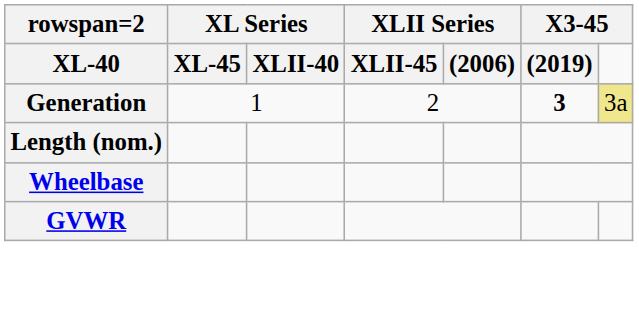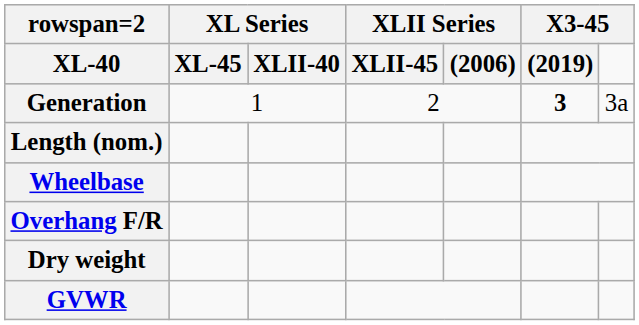 <table class="wikitable" style="font-size:100%;text-align:center;">
 <tr>
 <th>rowspan=2 </th>
 <th colspan=2>XL Series</th>
 <th colspan=2>XLII Series</th>
 <th colspan=2>X3-45</th>
 </tr>
 <tr>
 <th>XL-40</th>
 <th>XL-45</th>
 <th>XLII-40</th>
 <th>XLII-45</th>
 <th>(2006)</th>
 <th>(2019)</th>
 </tr>
 <tr>
 <th>Generation</th>
 <td colspan=2>1</td>
 <td colspan=2>2</td>
 <td><strong>3</strong></td>
-<td style="background: khaki;">3a</td>
+<td>3a</td>
 </tr>
 <tr>
 <th>Length (nom.)</th>
 <td></td>
 <td></td>
 <td></td>
 <td></td>
 <td colspan=2></td>
 </tr>
 <tr>
 <th><a href='#'>Wheelbase</a></th>
 <td></td>
 <td></td>
 <td></td>
 <td></td>
 <td colspan=2></td>
 </tr>
 <tr>
+<th><a href='#'>Overhang</a> F/R</th>
+<td></td>
+<td></td>
+<td></td>
+<td></td>
+<td></td>
+<td></td>
+</tr>
+<tr>
+<th>Dry weight</th>
+<td></td>
+<td></td>
+<td></td>
+<td></td>
+<td></td>
+<td></td>
+</tr>
+<tr>
 <th><a href='#'>GVWR</a></th>
 <td></td>
 <td></td>
 <td colspan=2></td>
 <td></td>
 <td></td>
 </tr>
 </table>
